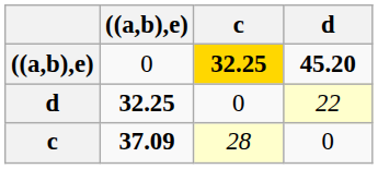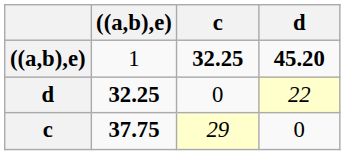 <table class="wikitable" style="text-align: center;">
 <tr>
 <th style="width: 50px;"></th>
 <th style="width: 50px;">((a,b),e)</th>
 <th style="width: 50px;">c</th>
 <th style="width: 50px;">d</th>
 </tr>
 <tr>
 <th>((a,b),e)</th>
-<td>0</td>
-<td style="background: gold;"><strong>32.25</strong></td>
+<td>1</td>
+<td><strong>32.25</strong></td>
 <td><strong>45.20</strong></td>
 </tr>
 <tr>
 <th>d</th>
 <td><strong>32.25</strong></td>
 <td>0</td>
 <td style=background:#ffffcc;><em>22</em></td>
 </tr>
 <tr>
 <th>c</th>
-<td><strong>37.09</strong></td>
-<td style=background:#ffffcc;><em>28</em></td>
+<td><strong>37.75</strong></td>
+<td style=background:#ffffcc;><em>29</em></td>
 <td>0</td>
 </tr>
 </table>
